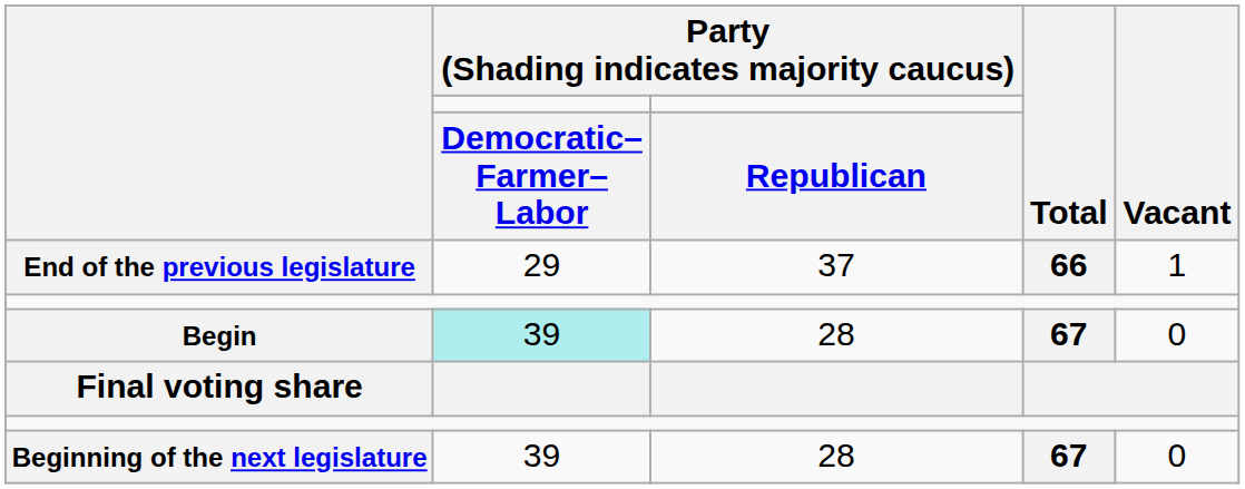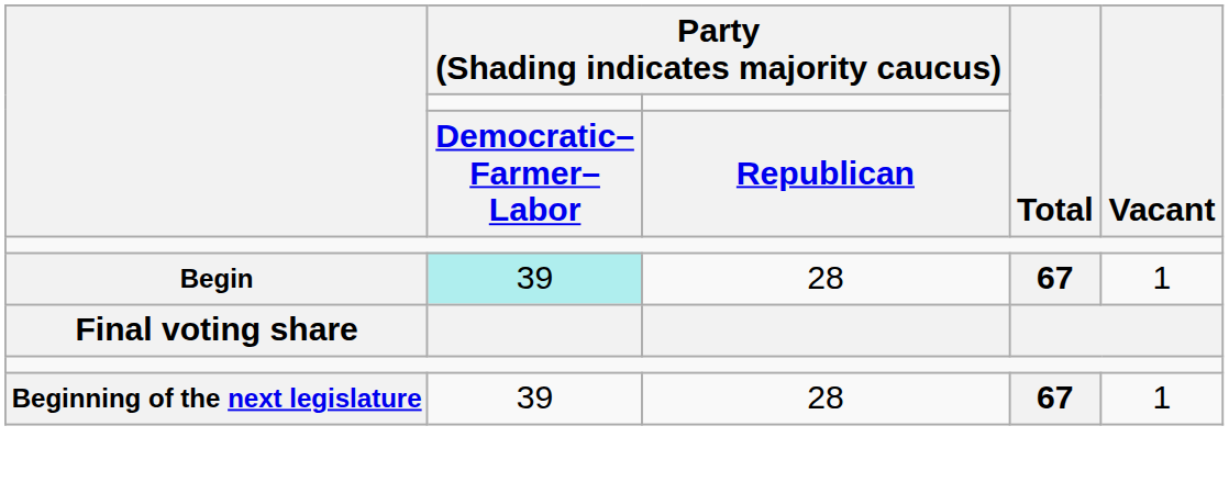 <table class=wikitable style="text-align:center">
 <tr style="vertical-align:bottom;">
 <th rowspan=3></th>
 <th colspan=2>Party <div>(Shading indicates majority caucus)</div></th>
 <th rowspan=3>Total</th>
 <th rowspan=3>Vacant</th>
 </tr>
 <tr style="height:5px">
 <td style="background-color:"></td>
 <td style="background-color:"></td>
 </tr>
 <tr>
 <th width=60><a href='#'>Democratic–Farmer–Labor</a></th>
 <th><a href='#'>Republican</a></th>
 </tr>
 <tr>
-<th nowrap style="font-size:80%">End of the <a href='#'>previous legislature</a></th>
-<td>29</td>
-<td>37</td>
-<th>66</th>
-<td>1</td>
-</tr>
-<tr>
 <td colspan=5></td>
 </tr>
 <tr>
 <th nowrap style="font-size:80%">Begin</th>
 <td style="background: paleturquoise;">39</td>
 <td>28</td>
 <th>67</th>
-<td>0</td>
+<td>1</td>
 </tr>
 <tr>
 <th>Final voting share</th>
 <th></th>
 <th></th>
 <th colspan=2></th>
 </tr>
 <tr>
 <td colspan=5></td>
 </tr>
 <tr>
 <th nowrap style="font-size:80%">Beginning of the <a href='#'>next legislature</a></th>
 <td>39</td>
 <td>28</td>
 <th>67</th>
-<td>0</td>
+<td>1</td>
 </tr>
 </table>
